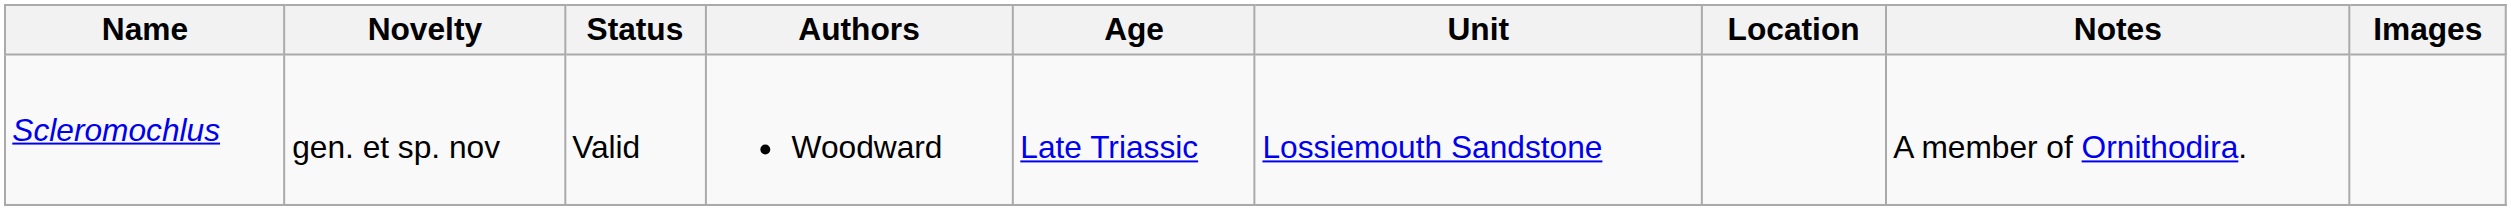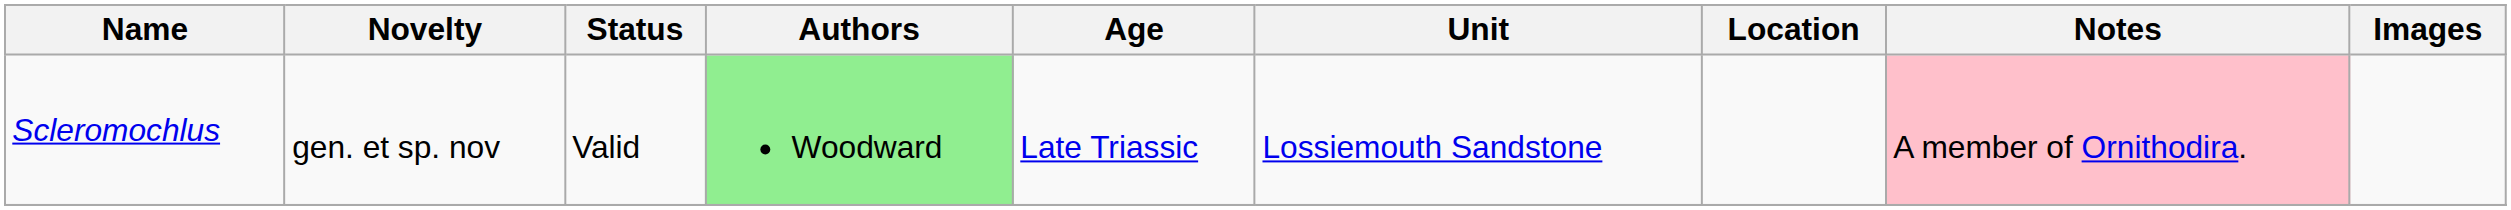 <table class="wikitable sortable" align="center" width="100%">
 <tr>
 <th>Name</th>
 <th>Novelty</th>
 <th>Status</th>
 <th>Authors</th>
 <th>Age</th>
 <th>Unit</th>
 <th>Location</th>
 <th>Notes</th>
 <th>Images</th>
 </tr>
 <tr>
 <td><em><a href='#'>Scleromochlus</a></em></td>
 <td><br>gen. et sp. nov</td>
 <td><br>Valid</td>
-<td><br><ul><li>Woodward</li></ul></td>
+<td style="background: lightgreen;"><br><ul><li>Woodward</li></ul></td>
 <td><br><a href='#'>Late Triassic</a></td>
 <td><br><a href='#'>Lossiemouth Sandstone</a></td>
 <td><br></td>
-<td><br>A member of <a href='#'>Ornithodira</a>.</td>
+<td style="background: pink;"><br>A member of <a href='#'>Ornithodira</a>.</td>
 <td></td>
 </tr>
 <tr>
 </tr>
 </table>
